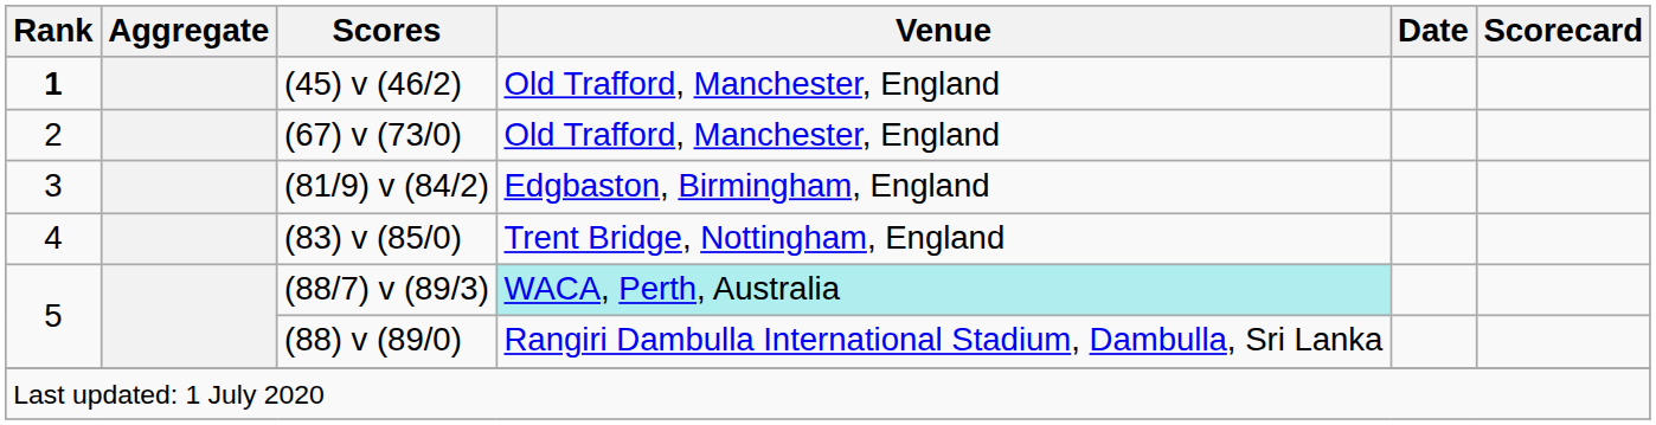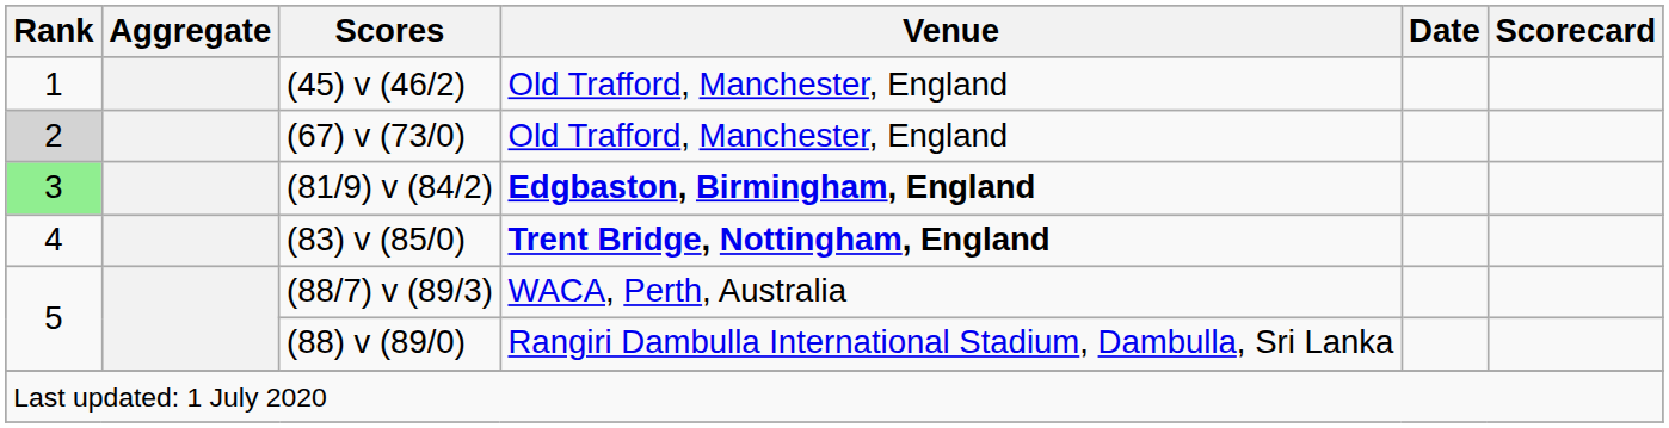 <table class="wikitable plainrowheaders sortable">
 <tr>
 <th scope=col>Rank</th>
 <th scope=col>Aggregate</th>
 <th scope=col>Scores</th>
 <th scope=col>Venue</th>
 <th scope=col>Date</th>
 <th scope=col>Scorecard</th>
 </tr>
 <tr>
-<td align=center><strong>1</strong></td>
+<td align=center>1</td>
 <th scope=row style=text-align:center;></th>
 <td> (45) v  (46/2)</td>
 <td><a href='#'>Old Trafford</a>, <a href='#'>Manchester</a>, England</td>
 <td> </td>
 <td></td>
 </tr>
 <tr>
-<td align=center>2</td>
+<td align=center style="background: lightgrey;">2</td>
 <th scope=row style=text-align:center;></th>
 <td> (67) v  (73/0)</td>
 <td><a href='#'>Old Trafford</a>, <a href='#'>Manchester</a>, England</td>
 <td></td>
 <td></td>
 </tr>
 <tr>
-<td align=center>3</td>
+<td align=center style="background: lightgreen;">3</td>
 <th scope=row style=text-align:center;></th>
 <td> (81/9) v  (84/2)</td>
-<td><a href='#'>Edgbaston</a>, <a href='#'>Birmingham</a>, England</td>
+<td><strong><a href='#'>Edgbaston</a>, <a href='#'>Birmingham</a>, England</strong></td>
 <td></td>
 <td></td>
 </tr>
 <tr>
 <td align=center>4</td>
 <th scope=row style=text-align:center;></th>
 <td> (83) v  (85/0)</td>
-<td><a href='#'>Trent Bridge</a>, <a href='#'>Nottingham</a>, England</td>
+<td><strong><a href='#'>Trent Bridge</a>, <a href='#'>Nottingham</a>, England</strong></td>
 <td></td>
 <td></td>
 </tr>
 <tr>
 <td align=center rowspan=2>5</td>
 <th scope=row style=text-align:center; rowspan=2></th>
 <td> (88/7) v  (89/3)</td>
-<td style="background: paleturquoise;"><a href='#'>WACA</a>, <a href='#'>Perth</a>, Australia</td>
+<td><a href='#'>WACA</a>, <a href='#'>Perth</a>, Australia</td>
 <td></td>
 <td></td>
 </tr>
 <tr>
 <td> (88) v  (89/0)</td>
 <td><a href='#'>Rangiri Dambulla International Stadium</a>, <a href='#'>Dambulla</a>, Sri Lanka</td>
 <td></td>
 <td></td>
 </tr>
 <tr>
 </tr>
 <tr class=sortbottom>
 <td colspan=6><small>Last updated: 1 July 2020</small></td>
 </tr>
 </table>
